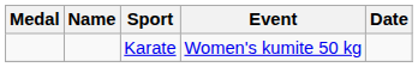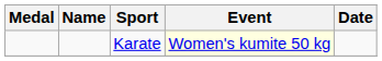 <table class="wikitable sortable" style="font-size:90%">
 <tr>
 <th>Medal</th>
 <th>Name</th>
 <th>Sport</th>
 <th>Event</th>
 <th>Date</th>
 </tr>
 <tr>
 <td></td>
 <td></td>
 <td><a href='#'>Karate</a></td>
-<td><a href='#'>Women's kumite 50 kg</a></td>
+<td style="background: lightyellow;"><a href='#'>Women's kumite 50 kg</a></td>
 <td></td>
 </tr>
 <tr>
 </tr>
 </table>
